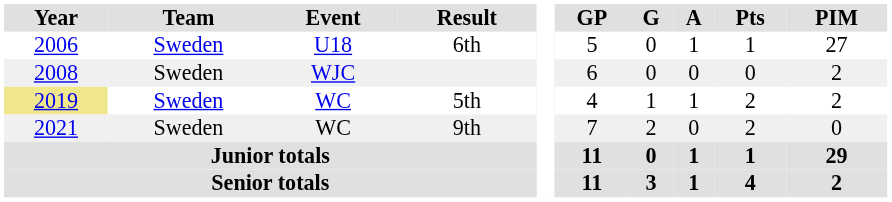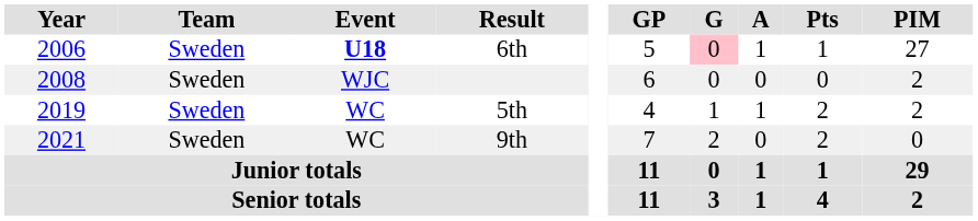 <table border="0" cellpadding="1" cellspacing="0" style="text-align:center; width:40em;">
 <tr bgcolor="#e0e0e0">
 <th>Year</th>
 <th>Team</th>
 <th>Event</th>
 <th>Result</th>
 <th rowspan="99" bgcolor="#ffffff"> </th>
 <th>GP</th>
 <th>G</th>
 <th>A</th>
 <th>Pts</th>
 <th>PIM</th>
 </tr>
 <tr>
 <td><a href='#'>2006</a></td>
 <td><a href='#'>Sweden</a></td>
-<td><a href='#'>U18</a></td>
+<td><strong><a href='#'>U18</a></strong></td>
 <td>6th</td>
 <td>5</td>
-<td>0</td>
+<td style="background: pink;">0</td>
 <td>1</td>
 <td>1</td>
 <td>27</td>
 </tr>
 <tr bgcolor="#f0f0f0">
 <td><a href='#'>2008</a></td>
 <td>Sweden</td>
 <td><a href='#'>WJC</a></td>
 <td></td>
 <td>6</td>
 <td>0</td>
 <td>0</td>
 <td>0</td>
 <td>2</td>
 </tr>
 <tr>
-<td style="background: khaki;"><a href='#'>2019</a></td>
+<td><a href='#'>2019</a></td>
 <td><a href='#'>Sweden</a></td>
 <td><a href='#'>WC</a></td>
 <td>5th</td>
 <td>4</td>
 <td>1</td>
 <td>1</td>
 <td>2</td>
 <td>2</td>
 </tr>
 <tr bgcolor="#f0f0f0">
 <td><a href='#'>2021</a></td>
 <td>Sweden</td>
 <td>WC</td>
 <td>9th</td>
 <td>7</td>
 <td>2</td>
 <td>0</td>
 <td>2</td>
 <td>0</td>
 </tr>
 <tr bgcolor="#e0e0e0">
 <th colspan="4">Junior totals</th>
 <th>11</th>
 <th>0</th>
 <th>1</th>
 <th>1</th>
 <th>29</th>
 </tr>
 <tr bgcolor="#e0e0e0">
 <th colspan="4">Senior totals</th>
 <th>11</th>
 <th>3</th>
 <th>1</th>
 <th>4</th>
 <th>2</th>
 </tr>
 </table>
